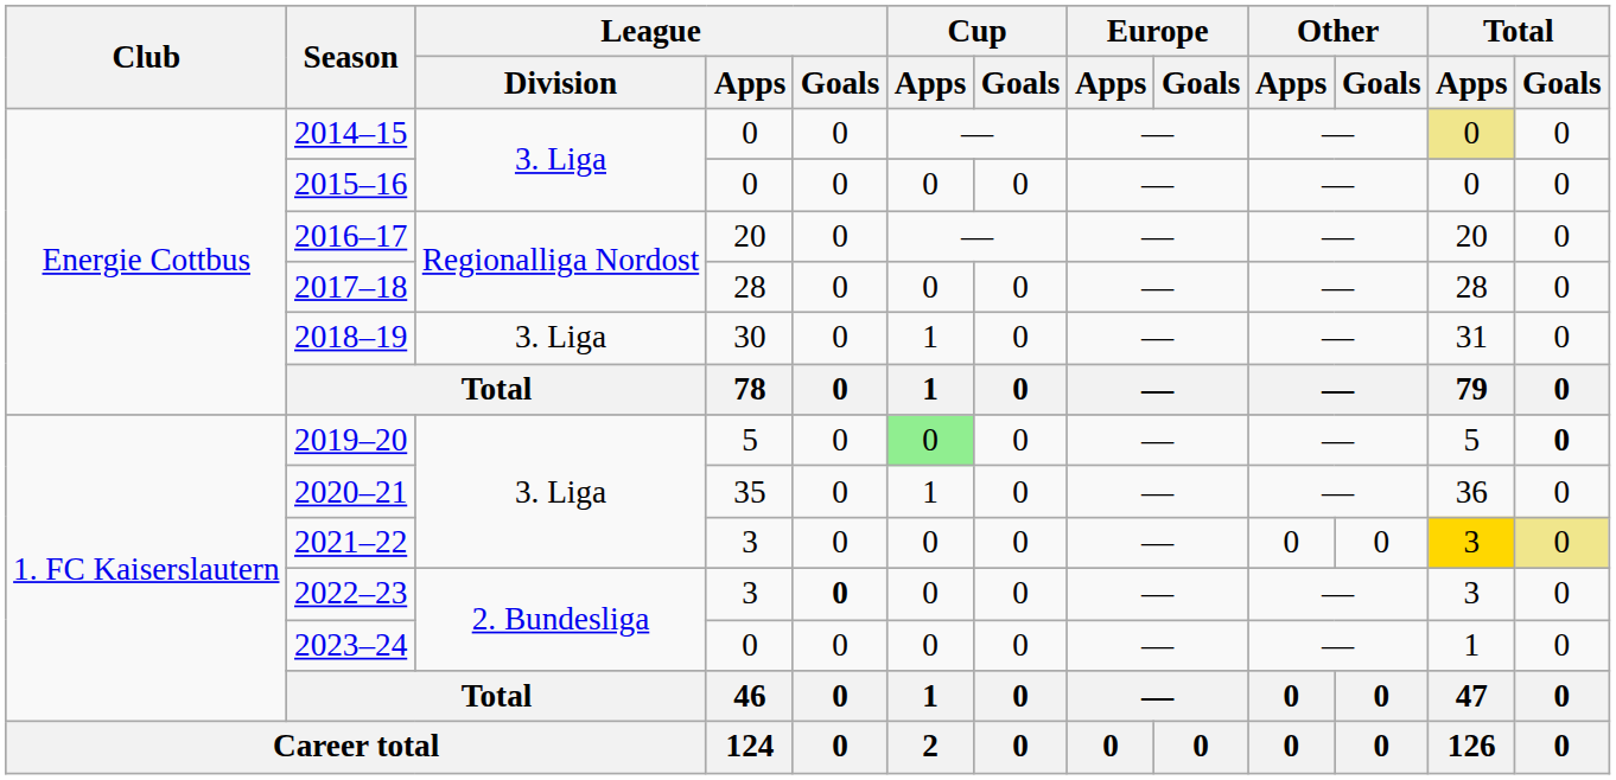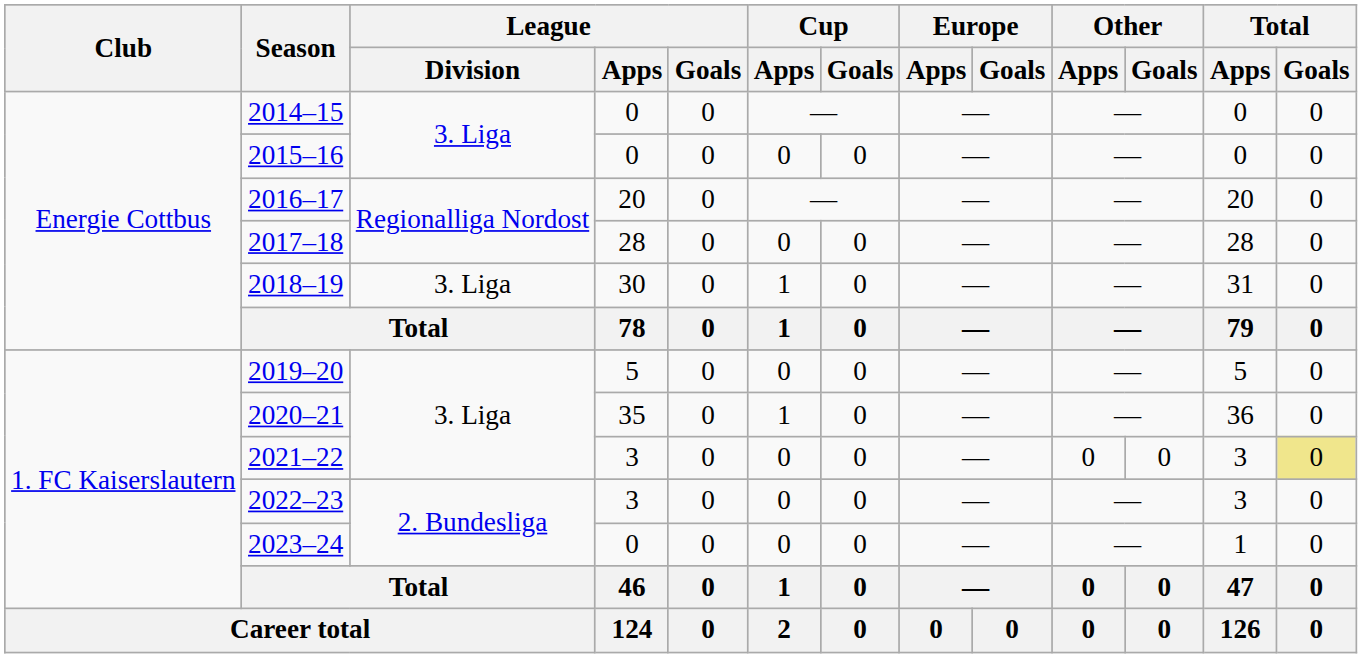 <table class="wikitable" style="text-align: center;">
 <tr>
 <th rowspan=2>Club</th>
 <th rowspan=2>Season</th>
 <th colspan=3>League</th>
 <th colspan=2>Cup</th>
 <th colspan=2>Europe</th>
 <th colspan=2>Other</th>
 <th colspan=2>Total</th>
 </tr>
 <tr>
 <th>Division</th>
 <th>Apps</th>
 <th>Goals</th>
 <th>Apps</th>
 <th>Goals</th>
 <th>Apps</th>
 <th>Goals</th>
 <th>Apps</th>
 <th>Goals</th>
 <th>Apps</th>
 <th>Goals</th>
 </tr>
 <tr>
 <td rowspan="6"><a href='#'>Energie Cottbus</a></td>
 <td><a href='#'>2014–15</a></td>
 <td rowspan="2"><a href='#'>3. Liga</a></td>
 <td>0</td>
 <td>0</td>
 <td colspan="2">—</td>
 <td colspan="2">—</td>
 <td colspan="2">—</td>
-<td style="background: khaki;">0</td>
+<td>0</td>
 <td>0</td>
 </tr>
 <tr>
 <td><a href='#'>2015–16</a></td>
 <td>0</td>
 <td>0</td>
 <td>0</td>
 <td>0</td>
 <td colspan="2">—</td>
 <td colspan="2">—</td>
 <td>0</td>
 <td>0</td>
 </tr>
 <tr>
 <td><a href='#'>2016–17</a></td>
 <td rowspan="2"><a href='#'>Regionalliga Nordost</a></td>
 <td>20</td>
 <td>0</td>
 <td colspan="2">—</td>
 <td colspan="2">—</td>
 <td colspan="2">—</td>
 <td>20</td>
 <td>0</td>
 </tr>
 <tr>
 <td><a href='#'>2017–18</a></td>
 <td>28</td>
 <td>0</td>
 <td>0</td>
 <td>0</td>
 <td colspan="2">—</td>
 <td colspan="2">—</td>
 <td>28</td>
 <td>0</td>
 </tr>
 <tr>
 <td><a href='#'>2018–19</a></td>
 <td>3. Liga</td>
 <td>30</td>
 <td>0</td>
 <td>1</td>
 <td>0</td>
 <td colspan="2">—</td>
 <td colspan="2">—</td>
 <td>31</td>
 <td>0</td>
 </tr>
 <tr>
 <th colspan="2">Total</th>
 <th>78</th>
 <th>0</th>
 <th>1</th>
 <th>0</th>
 <th colspan="2">—</th>
 <th colspan="2">—</th>
 <th>79</th>
 <th>0</th>
 </tr>
 <tr>
 <td rowspan="6"><a href='#'>1. FC Kaiserslautern</a></td>
 <td><a href='#'>2019–20</a></td>
 <td rowspan="3">3. Liga</td>
 <td>5</td>
 <td>0</td>
-<td style="background: lightgreen;">0</td>
+<td>0</td>
 <td>0</td>
 <td colspan="2">—</td>
 <td colspan="2">—</td>
 <td>5</td>
-<td><strong>0</strong></td>
+<td>0</td>
 </tr>
 <tr>
 <td><a href='#'>2020–21</a></td>
 <td>35</td>
 <td>0</td>
 <td>1</td>
 <td>0</td>
 <td colspan="2">—</td>
 <td colspan="2">—</td>
 <td>36</td>
 <td>0</td>
 </tr>
 <tr>
 <td><a href='#'>2021–22</a></td>
 <td>3</td>
 <td>0</td>
 <td>0</td>
 <td>0</td>
 <td colspan="2">—</td>
 <td>0</td>
 <td>0</td>
-<td style="background: gold;">3</td>
+<td>3</td>
 <td style="background: khaki;">0</td>
 </tr>
 <tr>
 <td><a href='#'>2022–23</a></td>
 <td rowspan="2"><a href='#'>2. Bundesliga</a></td>
 <td>3</td>
-<td><strong>0</strong></td>
+<td>0</td>
 <td>0</td>
 <td>0</td>
 <td colspan="2">—</td>
 <td colspan="2">—</td>
 <td>3</td>
 <td>0</td>
 </tr>
 <tr>
 <td><a href='#'>2023–24</a></td>
 <td>0</td>
 <td>0</td>
 <td>0</td>
 <td>0</td>
 <td colspan="2">—</td>
 <td colspan="2">—</td>
 <td>1</td>
 <td>0</td>
 </tr>
 <tr>
 <th colspan=2>Total</th>
 <th>46</th>
 <th>0</th>
 <th>1</th>
 <th>0</th>
 <th colspan="2">—</th>
 <th>0</th>
 <th>0</th>
 <th>47</th>
 <th>0</th>
 </tr>
 <tr>
 <th colspan=3>Career total</th>
 <th>124</th>
 <th>0</th>
 <th>2</th>
 <th>0</th>
 <th>0</th>
 <th>0</th>
 <th>0</th>
 <th>0</th>
 <th>126</th>
 <th>0</th>
 </tr>
 </table>
